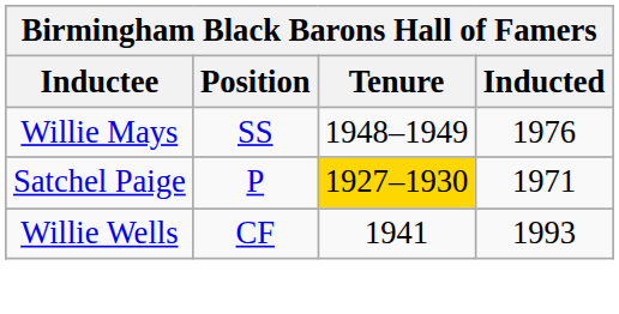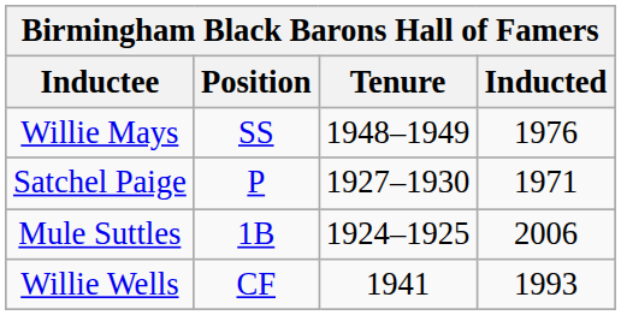 <table class="wikitable" style="text-align:center">
 <tr>
 <th colspan=4>Birmingham Black Barons Hall of Famers</th>
 </tr>
 <tr>
 <th>Inductee</th>
 <th>Position</th>
 <th>Tenure</th>
 <th>Inducted</th>
 </tr>
 <tr>
 <td><a href='#'>Willie Mays</a></td>
 <td><a href='#'>SS</a></td>
 <td>1948–1949</td>
 <td>1976</td>
 </tr>
 <tr>
 <td><a href='#'>Satchel Paige</a></td>
 <td><a href='#'>P</a></td>
-<td style="background: gold;">1927–1930</td>
+<td>1927–1930</td>
 <td>1971</td>
+</tr>
+<tr>
+<td><a href='#'>Mule Suttles</a></td>
+<td><a href='#'>1B</a></td>
+<td>1924–1925</td>
+<td>2006</td>
 </tr>
 <tr>
 <td><a href='#'>Willie Wells</a></td>
 <td><a href='#'>CF</a></td>
 <td>1941</td>
 <td>1993</td>
 </tr>
 </table>
